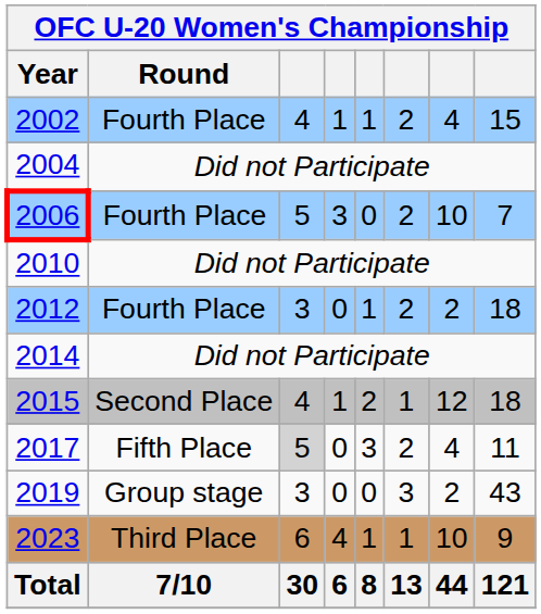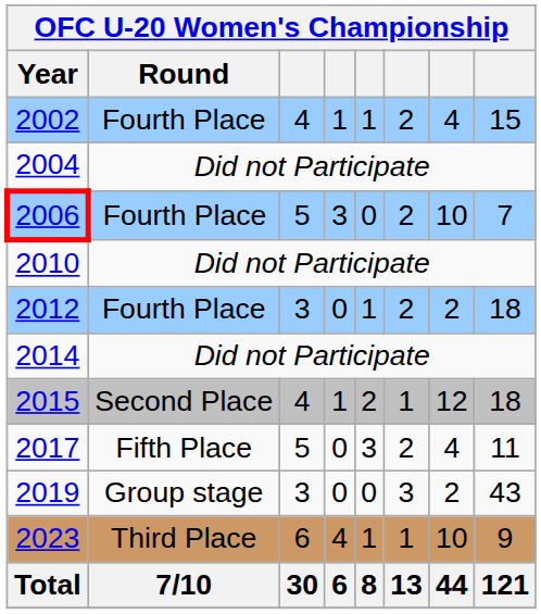 <table class="wikitable" style="text-align: center;">
 <tr>
 <th colspan=10><a href='#'>OFC U-20 Women's Championship</a></th>
 </tr>
 <tr>
 <th>Year</th>
 <th>Round</th>
 <th></th>
 <th></th>
 <th></th>
 <th></th>
 <th></th>
 <th></th>
 </tr>
 <tr style="background:#9acdff;">
 <td> <a href='#'>2002</a></td>
 <td>Fourth Place</td>
 <td>4</td>
 <td>1</td>
 <td>1</td>
 <td>2</td>
 <td>4</td>
 <td>15</td>
 </tr>
 <tr>
 <td> <a href='#'>2004</a></td>
 <td colspan=8><em>Did not Participate</em></td>
 </tr>
 <tr style="background:#9acdff;">
 <td style="border: 3px solid red"> <a href='#'>2006</a></td>
 <td>Fourth Place</td>
 <td>5</td>
 <td>3</td>
 <td>0</td>
 <td>2</td>
 <td>10</td>
 <td>7</td>
 </tr>
 <tr>
 <td> <a href='#'>2010</a></td>
 <td colspan=8><em>Did not Participate</em></td>
 </tr>
 <tr style="background:#9acdff;">
 <td> <a href='#'>2012</a></td>
 <td>Fourth Place</td>
 <td>3</td>
 <td>0</td>
 <td>1</td>
 <td>2</td>
 <td>2</td>
 <td>18</td>
 </tr>
 <tr>
 <td> <a href='#'>2014</a></td>
 <td colspan=8><em>Did not Participate</em></td>
 </tr>
 <tr bgcolor=Silver>
 <td> <a href='#'>2015</a></td>
 <td>Second Place</td>
 <td>4</td>
 <td>1</td>
 <td>2</td>
 <td>1</td>
 <td>12</td>
 <td>18</td>
 </tr>
 <tr>
 <td> <a href='#'>2017</a></td>
 <td>Fifth Place</td>
-<td style="background: lightgrey;">5</td>
+<td>5</td>
 <td>0</td>
 <td>3</td>
 <td>2</td>
 <td>4</td>
 <td>11</td>
 </tr>
 <tr>
 <td> <a href='#'>2019</a></td>
 <td>Group stage</td>
 <td>3</td>
 <td>0</td>
 <td>0</td>
 <td>3</td>
 <td>2</td>
 <td>43</td>
 </tr>
 <tr bgcolor=cc9966>
 <td> <a href='#'>2023</a></td>
 <td>Third Place</td>
 <td>6</td>
 <td>4</td>
 <td>1</td>
 <td>1</td>
 <td>10</td>
 <td>9</td>
 </tr>
 <tr>
 <th><strong>Total</strong></th>
 <th><strong>7/10</strong></th>
 <th><strong>30</strong></th>
 <th><strong>6</strong></th>
 <th><strong>8</strong></th>
 <th><strong>13</strong></th>
 <th><strong>44</strong></th>
 <th><strong>121</strong></th>
 </tr>
 <tr>
 </tr>
 </table>
